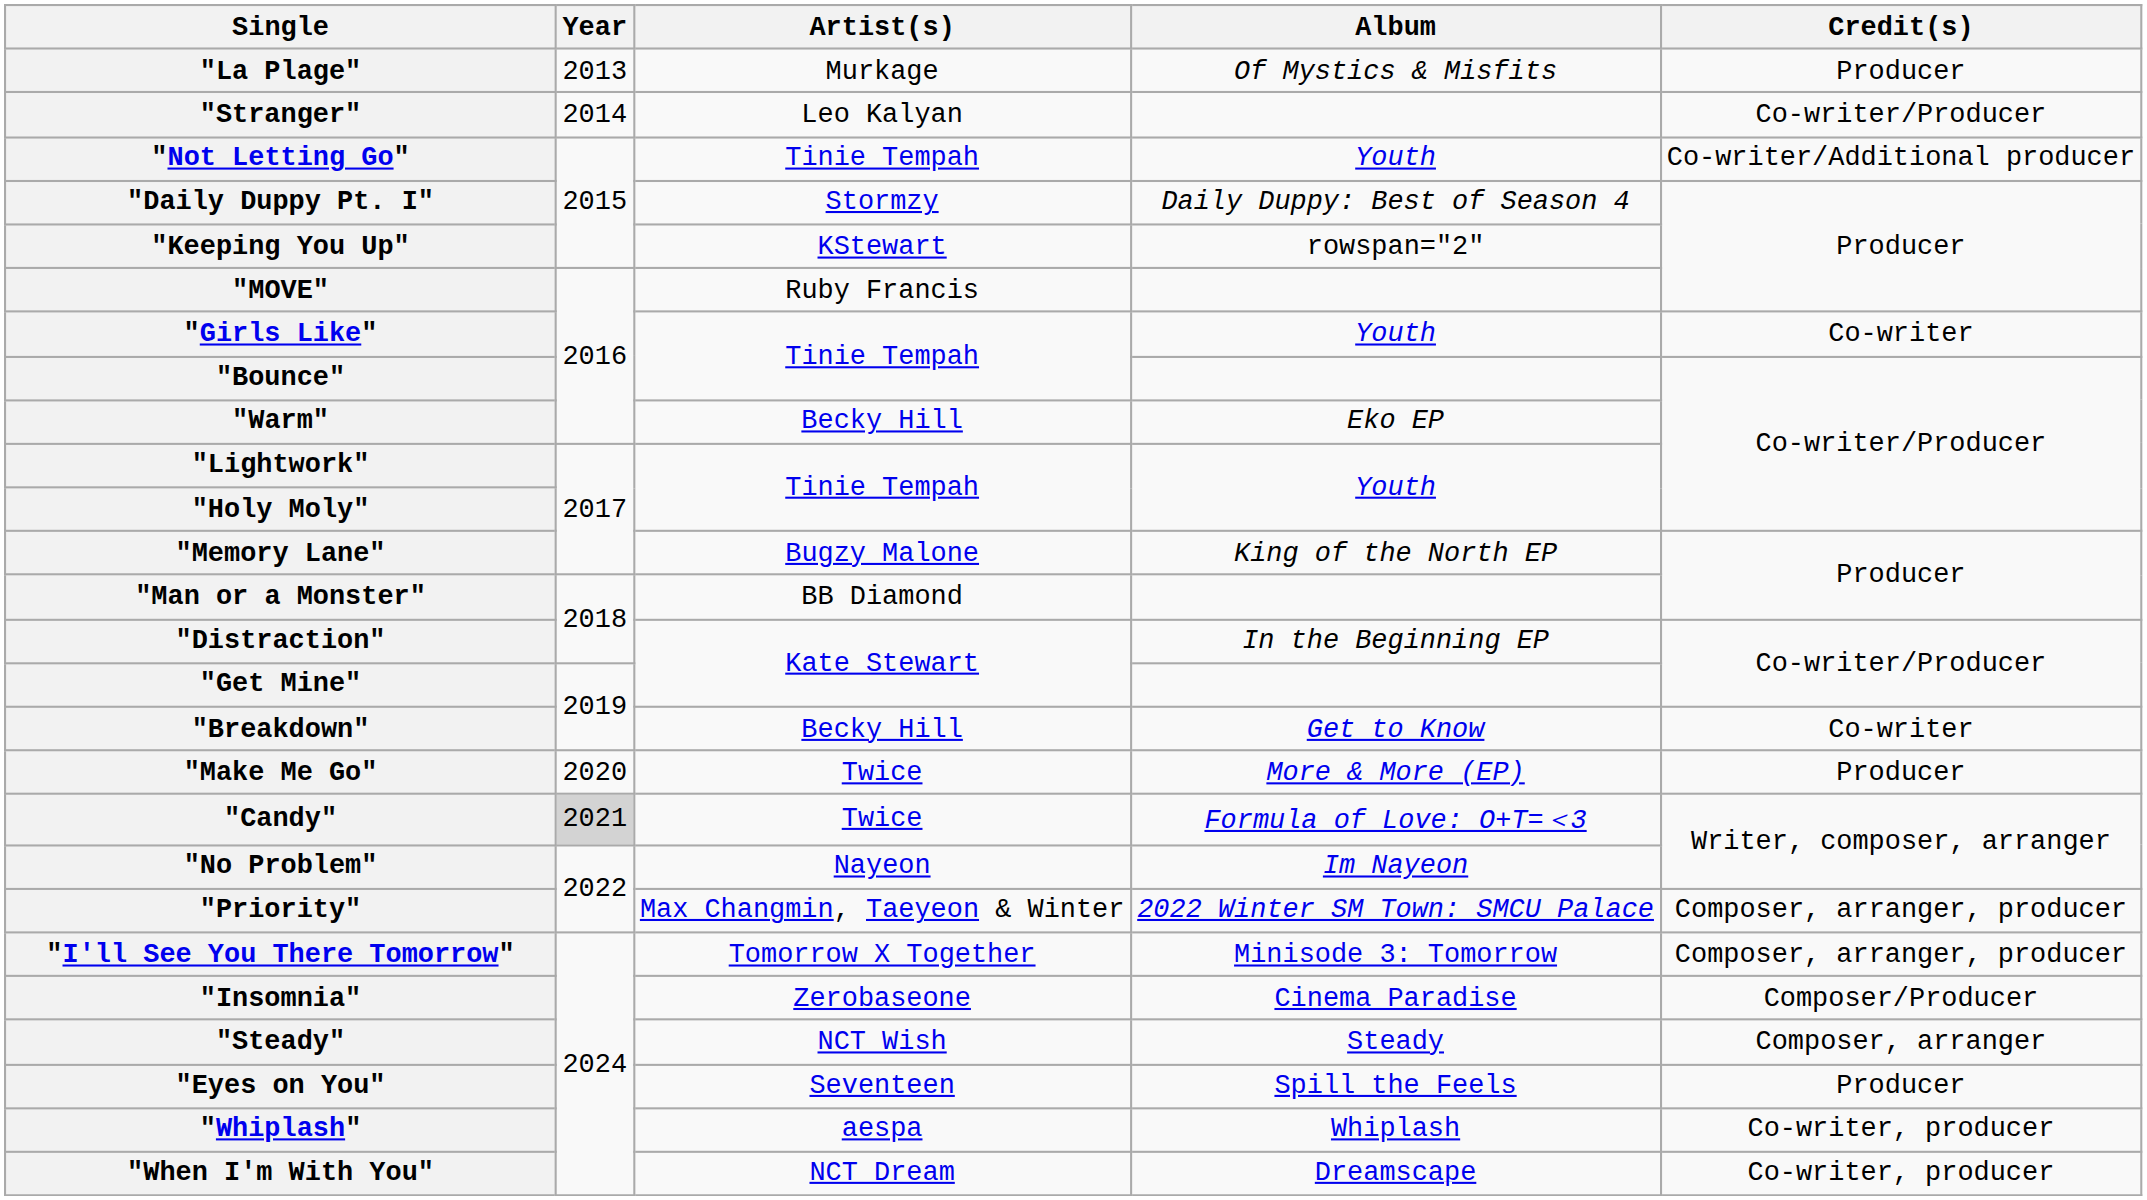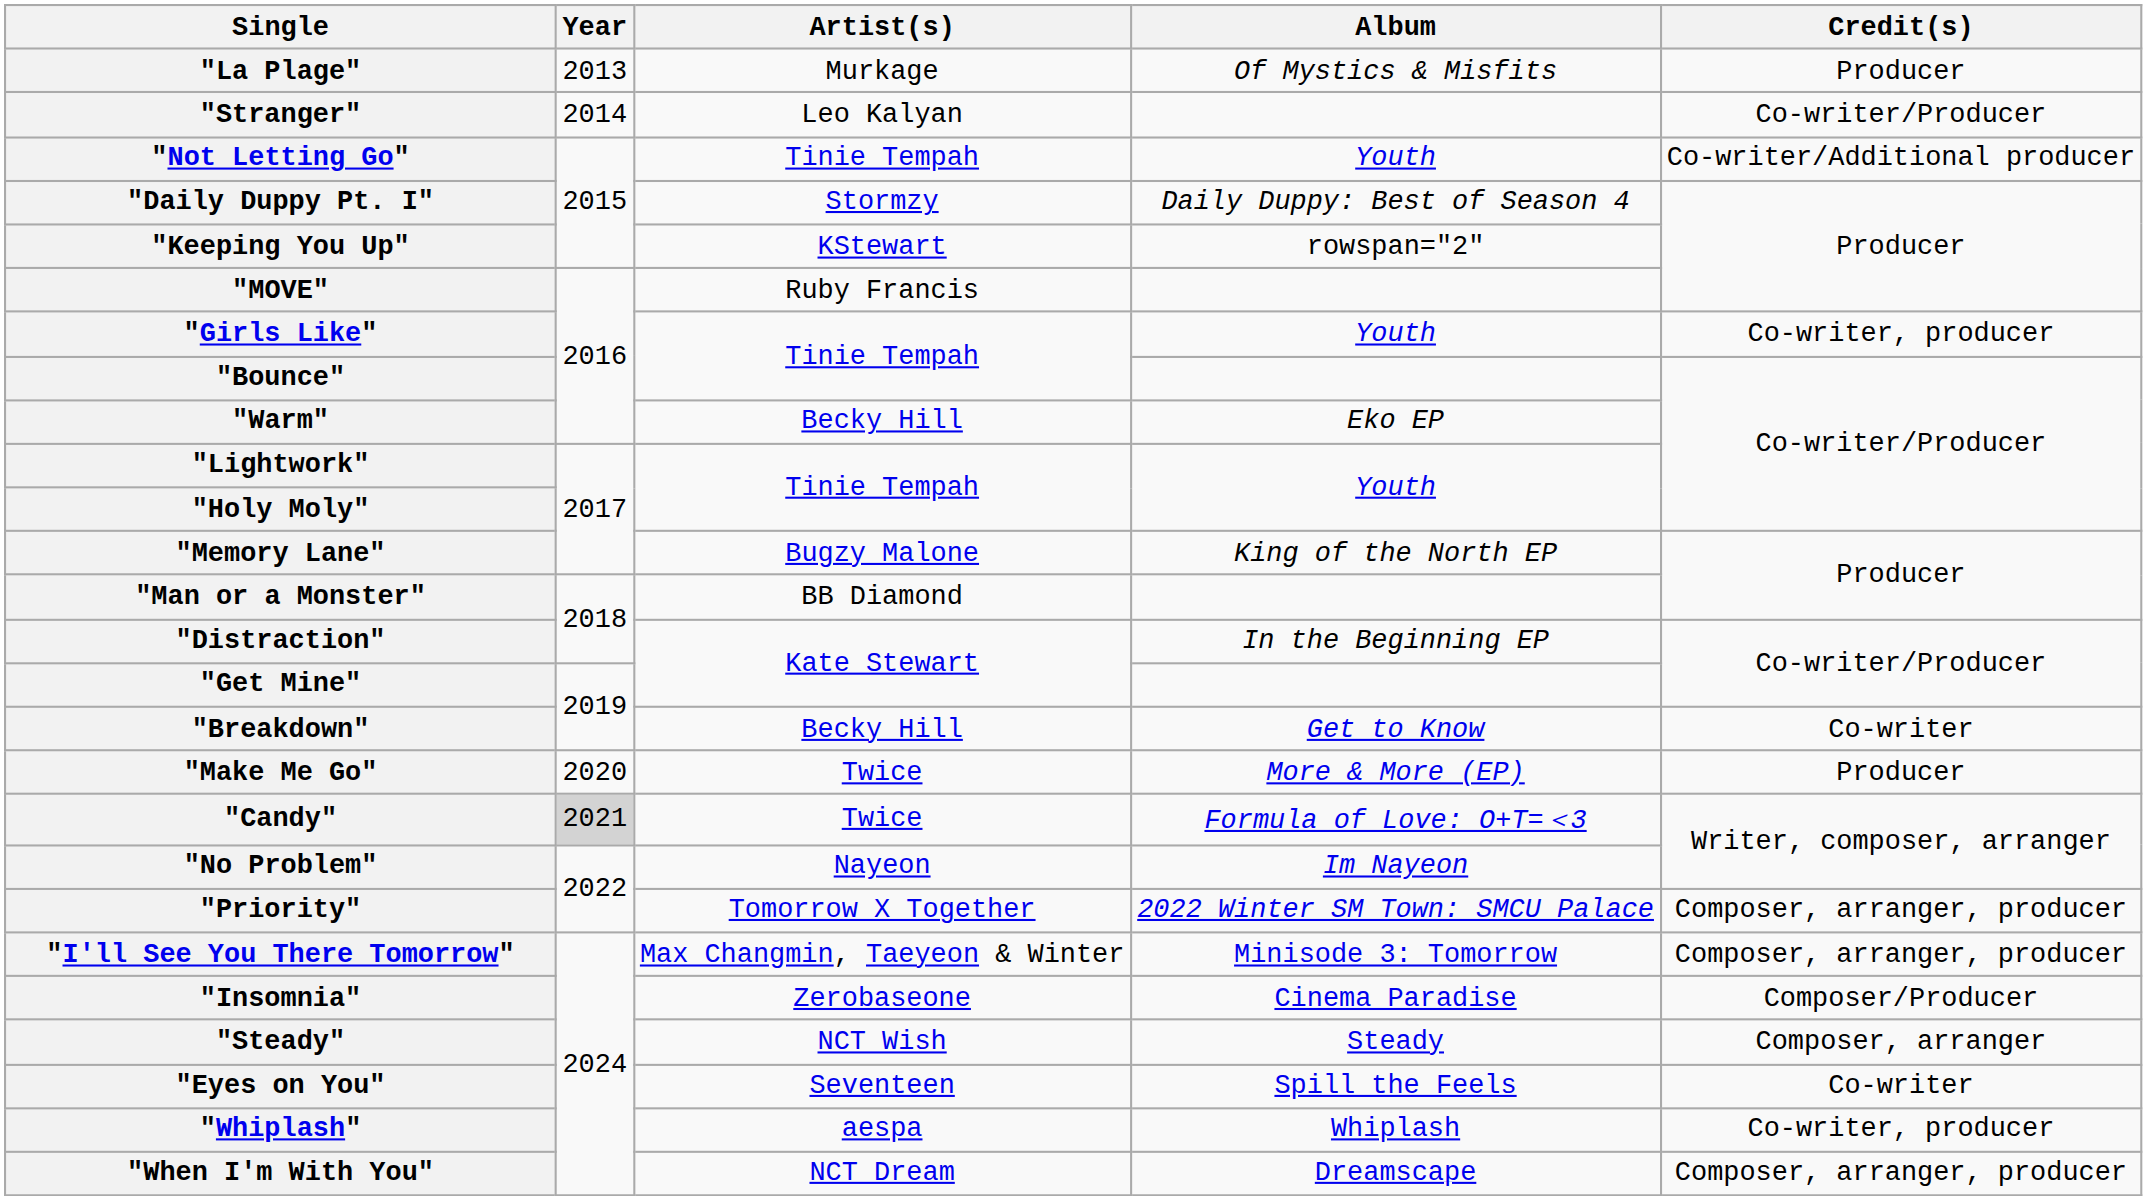 <table class="wikitable plainrowheaders" style="text-align:center;">
 <tr>
 <th scope="col" style="width:20em;">Single</th>
 <th scope="col" style="width:1em;">Year</th>
 <th scope="col">Artist(s)</th>
 <th scope="col">Album</th>
 <th scope="col">Credit(s)</th>
 </tr>
 <tr>
 <th scope="row">"La Plage"<br></th>
 <td>2013</td>
 <td>Murkage</td>
 <td><em>Of Mystics & Misfits</em></td>
 <td>Producer</td>
 </tr>
 <tr>
 <th scope="row">"Stranger"</th>
 <td>2014</td>
 <td>Leo Kalyan</td>
 <td></td>
 <td>Co-writer/Producer</td>
 </tr>
 <tr>
 <th scope="row">"<a href='#'>Not Letting Go</a>"<br></th>
 <td rowspan="3">2015</td>
 <td><a href='#'>Tinie Tempah</a></td>
 <td><em><a href='#'>Youth</a></em></td>
 <td>Co-writer/Additional producer</td>
 </tr>
 <tr>
 <th scope="row">"Daily Duppy Pt. I"</th>
 <td><a href='#'>Stormzy</a></td>
 <td><em>Daily Duppy: Best of Season 4</em></td>
 <td rowspan="3">Producer</td>
 </tr>
 <tr>
 <th scope="row">"Keeping You Up"</th>
 <td><a href='#'>KStewart</a></td>
 <td>rowspan="2" </td>
 </tr>
 <tr>
 <th scope="row">"MOVE"</th>
 <td rowspan="4">2016</td>
 <td>Ruby Francis</td>
 </tr>
 <tr>
 <th scope="row">"<a href='#'>Girls Like</a>"<br></th>
 <td rowspan="2"><a href='#'>Tinie Tempah</a></td>
 <td><em><a href='#'>Youth</a></em></td>
-<td>Co-writer</td>
+<td>Co-writer, producer</td>
 </tr>
 <tr>
 <th scope="row">"Bounce"</th>
 <td></td>
 <td rowspan="4">Co-writer/Producer</td>
 </tr>
 <tr>
 <th scope="row">"Warm"</th>
 <td><a href='#'>Becky Hill</a></td>
 <td><em>Eko EP</em></td>
 </tr>
 <tr>
 <th scope="row">"Lightwork"</th>
 <td rowspan="3">2017</td>
 <td rowspan="2"><a href='#'>Tinie Tempah</a></td>
 <td rowspan="2"><em><a href='#'>Youth</a></em></td>
 </tr>
 <tr>
 <th scope="row">"Holy Moly"</th>
 </tr>
 <tr>
 <th scope="row">"Memory Lane"<br></th>
 <td><a href='#'>Bugzy Malone</a></td>
 <td><em>King of the North EP</em></td>
 <td rowspan="2">Producer</td>
 </tr>
 <tr>
 <th scope="row">"Man or a Monster"</th>
 <td rowspan="2">2018</td>
 <td>BB Diamond</td>
 <td></td>
 </tr>
 <tr>
 <th scope="row">"Distraction"</th>
 <td rowspan="2"><a href='#'>Kate Stewart</a></td>
 <td><em>In the Beginning EP</em></td>
 <td rowspan="2">Co-writer/Producer</td>
 </tr>
 <tr>
 <th scope="row">"Get Mine"</th>
 <td rowspan="2">2019</td>
 <td></td>
 </tr>
 <tr>
 <th scope="row">"Breakdown"</th>
 <td><a href='#'>Becky Hill</a></td>
 <td><em><a href='#'>Get to Know</a></em></td>
 <td>Co-writer</td>
 </tr>
 <tr>
 <th scope="row">"Make Me Go"</th>
 <td rowspan="1">2020</td>
 <td><a href='#'>Twice</a></td>
 <td><em><a href='#'>More & More (EP)</a></em></td>
 <td>Producer</td>
 </tr>
 <tr>
 <th scope="row">"Candy"</th>
 <td rowspan="1" style="background: lightgrey;">2021</td>
 <td><a href='#'>Twice</a></td>
 <td><em><a href='#'>Formula of Love: O+T=＜3</a></em></td>
 <td rowspan="2">Writer, composer, arranger</td>
 </tr>
 <tr>
 <th scope="row">"No Problem"<br></th>
 <td rowspan="2">2022</td>
 <td><a href='#'>Nayeon</a></td>
 <td><em><a href='#'>Im Nayeon</a></em></td>
 </tr>
 <tr>
 <th scope="row">"Priority"</th>
-<td><a href='#'>Max Changmin</a>, <a href='#'>Taeyeon</a> & Winter</td>
+<td><a href='#'>Tomorrow X Together</a></td>
 <td><em><a href='#'>2022 Winter SM Town: SMCU Palace</a></td>
 <td>Composer, arranger, producer</td>
 </tr>
 <tr>
 <th scope="row">"<a href='#'>I'll See You There Tomorrow</a>"</th>
 <td rowspan="6">2024</td>
-<td><a href='#'>Tomorrow X Together</a></td>
+<td><a href='#'>Max Changmin</a>, <a href='#'>Taeyeon</a> & Winter</td>
 <td></em><a href='#'>Minisode 3: Tomorrow</a><em></td>
 <td>Composer, arranger, producer</td>
 </tr>
 <tr>
 <th scope="row">"Insomnia"</th>
 <td><a href='#'>Zerobaseone</a></td>
 <td></em><a href='#'>Cinema Paradise</a><em></td>
 <td>Composer/Producer</td>
 </tr>
 <tr>
 <th scope="row">"Steady"</th>
 <td><a href='#'>NCT Wish</a></td>
 <td><a href='#'></em>Steady<em></a></td>
 <td>Composer, arranger</td>
 </tr>
 <tr>
 <th scope="row">"Eyes on You"</th>
 <td><a href='#'>Seventeen</a></td>
 <td></em><a href='#'>Spill the Feels</a><em></td>
-<td>Producer</td>
+<td>Co-writer</td>
 </tr>
 <tr>
 <th scope="row">"<a href='#'>Whiplash</a>"</th>
 <td><a href='#'>aespa</a></td>
 <td></em><a href='#'>Whiplash</a><em></td>
 <td>Co-writer, producer</td>
 </tr>
 <tr>
 <th scope="row">"When I'm With You"</th>
 <td><a href='#'>NCT Dream</a></td>
 <td></em><a href='#'>Dreamscape</a><em></td>
-<td>Co-writer, producer</td>
+<td>Composer, arranger, producer</td>
 </tr>
 </table>
